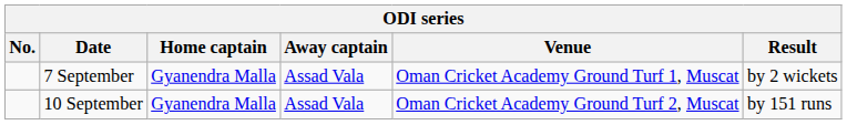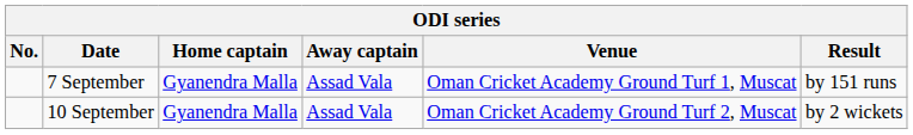 <table class="wikitable">
 <tr>
 <th colspan="9">ODI series</th>
 </tr>
 <tr>
 <th>No.</th>
 <th>Date</th>
 <th>Home captain</th>
 <th>Away captain</th>
 <th>Venue</th>
 <th>Result</th>
 </tr>
 <tr>
 <td></td>
 <td>7 September</td>
 <td><a href='#'>Gyanendra Malla</a></td>
 <td><a href='#'>Assad Vala</a></td>
 <td><a href='#'>Oman Cricket Academy Ground Turf 1</a>, <a href='#'>Muscat</a></td>
-<td> by 2 wickets</td>
+<td> by 151 runs</td>
 </tr>
 <tr>
 <td></td>
 <td>10 September</td>
 <td><a href='#'>Gyanendra Malla</a></td>
 <td><a href='#'>Assad Vala</a></td>
 <td><a href='#'>Oman Cricket Academy Ground Turf 2</a>, <a href='#'>Muscat</a></td>
-<td> by 151 runs</td>
+<td> by 2 wickets</td>
 </tr>
 </table>
